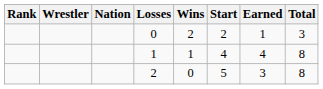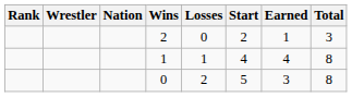 <table class="wikitable sortable" style="text-align:center;">
 <tr>
 <th>Rank</th>
 <th>Wrestler</th>
 <th>Nation</th>
+<th>Wins</th>
 <th>Losses</th>
-<th>Wins</th>
 <th>Start</th>
 <th>Earned</th>
 <th>Total</th>
 </tr>
 <tr>
 <td></td>
 <td align=left></td>
 <td align=left></td>
+<td>2</td>
 <td>0</td>
-<td>2</td>
 <td>2</td>
 <td>1</td>
 <td>3</td>
 </tr>
 <tr>
 <td></td>
 <td align=left></td>
 <td align=left></td>
 <td>1</td>
 <td>1</td>
 <td>4</td>
 <td>4</td>
 <td>8</td>
 </tr>
 <tr>
 <td></td>
 <td align=left></td>
 <td align=left></td>
+<td>0</td>
 <td>2</td>
-<td>0</td>
 <td>5</td>
 <td>3</td>
 <td>8</td>
 </tr>
 </table>
